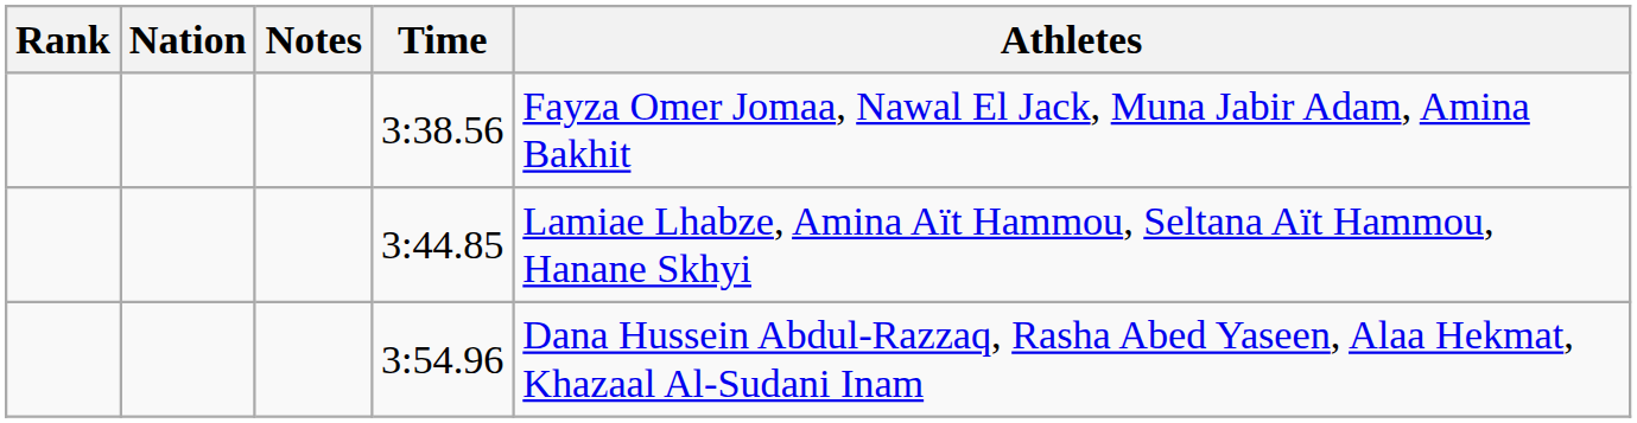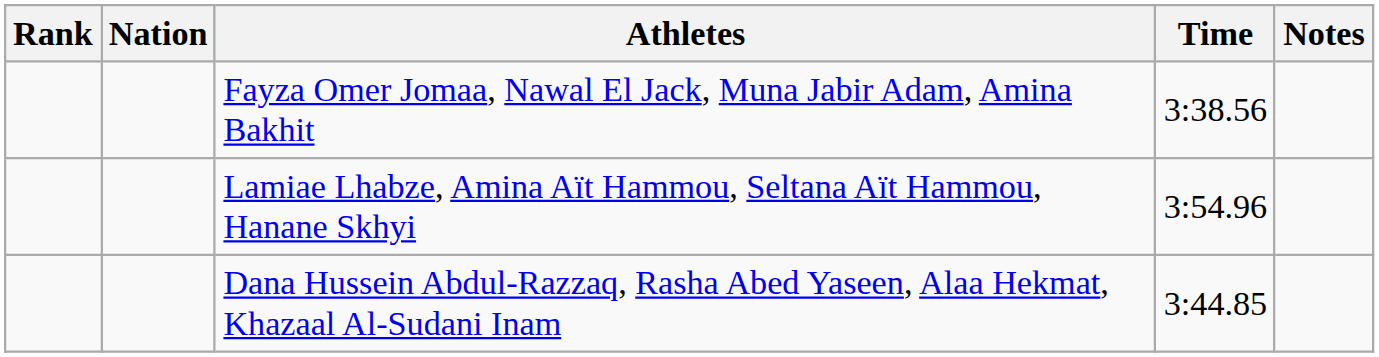 <table class="wikitable sortable" style="text-align:center;font-size:95%">
 <tr>
 <th>Rank</th>
 <th>Nation</th>
+<th>Athletes</th>
+<th>Time</th>
 <th>Notes</th>
-<th>Time</th>
-<th>Athletes</th>
 </tr>
 <tr>
 <td></td>
 <td align=left></td>
+<td align=left><a href='#'>Fayza Omer Jomaa</a>, <a href='#'>Nawal El Jack</a>, <a href='#'>Muna Jabir Adam</a>, <a href='#'>Amina Bakhit</a></td>
+<td>3:38.56</td>
 <td></td>
-<td>3:38.56</td>
-<td align=left><a href='#'>Fayza Omer Jomaa</a>, <a href='#'>Nawal El Jack</a>, <a href='#'>Muna Jabir Adam</a>, <a href='#'>Amina Bakhit</a></td>
 </tr>
 <tr>
 <td></td>
 <td align=left></td>
+<td align=left><a href='#'>Lamiae Lhabze</a>, <a href='#'>Amina Aït Hammou</a>, <a href='#'>Seltana Aït Hammou</a>, <a href='#'>Hanane Skhyi</a></td>
+<td>3:54.96</td>
 <td></td>
-<td>3:44.85</td>
-<td align=left><a href='#'>Lamiae Lhabze</a>, <a href='#'>Amina Aït Hammou</a>, <a href='#'>Seltana Aït Hammou</a>, <a href='#'>Hanane Skhyi</a></td>
 </tr>
 <tr>
 <td></td>
 <td align=left></td>
+<td align=left><a href='#'>Dana Hussein Abdul-Razzaq</a>, <a href='#'>Rasha Abed Yaseen</a>, <a href='#'>Alaa Hekmat</a>, <a href='#'>Khazaal Al-Sudani Inam</a></td>
+<td>3:44.85</td>
 <td></td>
-<td>3:54.96</td>
-<td align=left><a href='#'>Dana Hussein Abdul-Razzaq</a>, <a href='#'>Rasha Abed Yaseen</a>, <a href='#'>Alaa Hekmat</a>, <a href='#'>Khazaal Al-Sudani Inam</a></td>
 </tr>
 </table>
